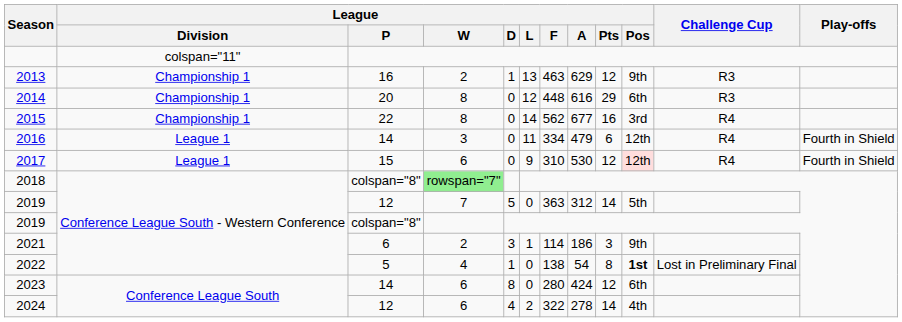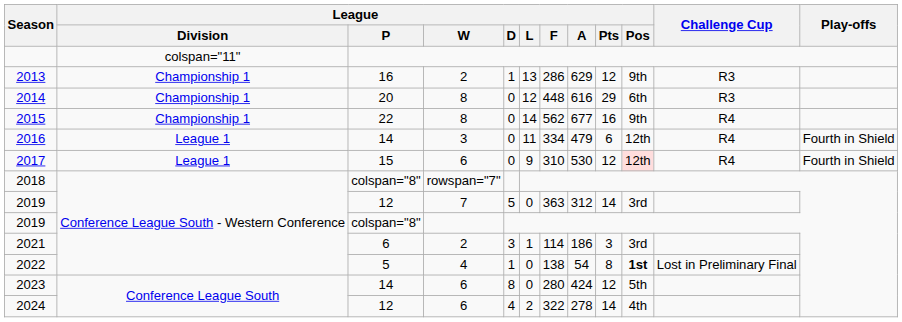 <table class="wikitable" style="text-align: center">
 <tr>
 <th rowspan=2>Season</th>
 <th colspan=9>League</th>
 <th rowspan=2><a href='#'>Challenge Cup</a></th>
 <th rowspan=2>Play-offs</th>
 </tr>
 <tr>
 <th>Division</th>
 <th>P</th>
 <th>W</th>
 <th>D</th>
 <th>L</th>
 <th>F</th>
 <th>A</th>
 <th>Pts</th>
 <th>Pos</th>
 </tr>
 <tr>
 <td></td>
 <td>colspan="11" </td>
 </tr>
 <tr>
 <td><a href='#'>2013</a></td>
 <td><a href='#'>Championship 1</a></td>
 <td>16</td>
 <td>2</td>
 <td>1</td>
 <td>13</td>
-<td>463</td>
+<td>286</td>
 <td>629</td>
 <td>12</td>
 <td>9th</td>
 <td>R3</td>
 <td></td>
 </tr>
 <tr>
 <td><a href='#'>2014</a></td>
 <td><a href='#'>Championship 1</a></td>
 <td>20</td>
 <td>8</td>
 <td>0</td>
 <td>12</td>
 <td>448</td>
 <td>616</td>
 <td>29</td>
 <td>6th</td>
 <td>R3</td>
 <td></td>
 </tr>
 <tr>
 <td><a href='#'>2015</a></td>
 <td><a href='#'>Championship 1</a></td>
 <td>22</td>
 <td>8</td>
 <td>0</td>
 <td>14</td>
 <td>562</td>
 <td>677</td>
 <td>16</td>
-<td>3rd</td>
+<td>9th</td>
 <td>R4</td>
 <td></td>
 </tr>
 <tr>
 <td><a href='#'>2016</a></td>
 <td><a href='#'>League 1</a></td>
 <td>14</td>
 <td>3</td>
 <td>0</td>
 <td>11</td>
 <td>334</td>
 <td>479</td>
 <td>6</td>
 <td>12th</td>
 <td>R4</td>
 <td>Fourth in Shield</td>
 </tr>
 <tr>
 <td><a href='#'>2017</a></td>
 <td><a href='#'>League 1</a></td>
 <td>15</td>
 <td>6</td>
 <td>0</td>
 <td>9</td>
 <td>310</td>
 <td>530</td>
 <td>12</td>
 <td style="background:#ffdddd">12th</td>
 <td>R4</td>
 <td>Fourth in Shield</td>
 </tr>
 <tr>
 <td>2018</td>
 <td rowspan="5"><a href='#'>Conference League South</a> - Western Conference</td>
 <td>colspan="8"</td>
-<td style="background: lightgreen;">rowspan="7"</td>
+<td>rowspan="7"</td>
 <td></td>
 </tr>
 <tr>
 <td>2019</td>
 <td>12</td>
 <td>7</td>
 <td>5</td>
 <td>0</td>
 <td>363</td>
 <td>312</td>
 <td>14</td>
-<td>5th</td>
+<td>3rd</td>
 <td></td>
 </tr>
 <tr>
 <td>2019</td>
 <td>colspan="8"</td>
 <td></td>
 </tr>
 <tr>
 <td>2021</td>
 <td>6</td>
 <td>2</td>
 <td>3</td>
 <td>1</td>
 <td>114</td>
 <td>186</td>
 <td>3</td>
-<td>9th</td>
+<td>3rd</td>
 <td></td>
 </tr>
 <tr>
 <td>2022</td>
 <td>5</td>
 <td>4</td>
 <td>1</td>
 <td>0</td>
 <td>138</td>
 <td>54</td>
 <td>8</td>
 <td><strong>1st</strong></td>
 <td>Lost in Preliminary Final</td>
 </tr>
 <tr>
 <td>2023</td>
 <td rowspan="2"><a href='#'>Conference League South</a></td>
 <td>14</td>
 <td>6</td>
 <td>8</td>
 <td>0</td>
 <td>280</td>
 <td>424</td>
 <td>12</td>
-<td>6th</td>
+<td>5th</td>
 <td></td>
 </tr>
 <tr>
 <td>2024</td>
 <td>12</td>
 <td>6</td>
 <td>4</td>
 <td>2</td>
 <td>322</td>
 <td>278</td>
 <td>14</td>
 <td>4th</td>
 <td></td>
 </tr>
 </table>
